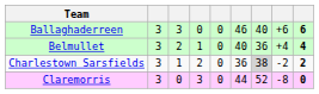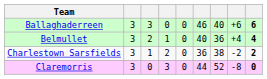 <table class="wikitable" style="text-align:center">
 <tr>
 <th style="width:175px;">Team</th>
 <th width="20"></th>
 <th width="20"></th>
 <th width="20"></th>
 <th width="20"></th>
 <th width="20"></th>
 <th width="20"></th>
 <th width="20"></th>
 <th width="20"></th>
 </tr>
 <tr style="background:#cfc;">
 <td><a href='#'>Ballaghaderreen</a></td>
 <td>3</td>
 <td>3</td>
 <td>0</td>
 <td>0</td>
 <td>46</td>
 <td>40</td>
 <td>+6</td>
 <td><strong>6</strong></td>
 </tr>
 <tr style="background:#cfc;">
 <td><a href='#'>Belmullet</a></td>
 <td>3</td>
 <td>2</td>
 <td>1</td>
 <td>0</td>
 <td>40</td>
 <td>36</td>
 <td>+4</td>
 <td><strong>4</strong></td>
 </tr>
 <tr>
 <td><a href='#'>Charlestown Sarsfields</a></td>
 <td>3</td>
 <td>1</td>
 <td>2</td>
 <td>0</td>
 <td>36</td>
-<td style="background: lightgrey;">38</td>
+<td>38</td>
 <td>-2</td>
 <td><strong>2</strong></td>
 </tr>
 <tr style="background:#fcf;">
 <td><a href='#'>Claremorris</a></td>
 <td>3</td>
 <td>0</td>
 <td>3</td>
 <td>0</td>
 <td>44</td>
 <td>52</td>
 <td>-8</td>
 <td><strong>0</strong></td>
 </tr>
 </table>
